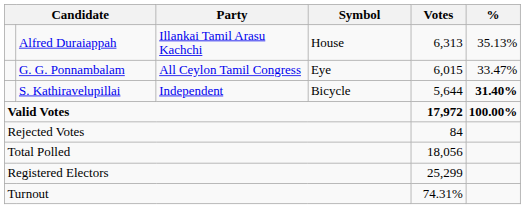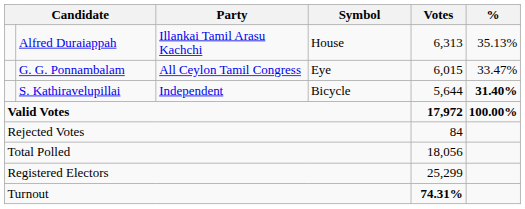 <table class="wikitable" border="1" style="text-align:right;">
 <tr>
 <th align=left colspan=2 width="180">Candidate</th>
 <th align=left width="180">Party</th>
 <th align=left width="120">Symbol</th>
 <th align=left width="60">Votes</th>
 <th align=left width="60">%</th>
 </tr>
 <tr>
 <td></td>
 <td align=left><a href='#'>Alfred Duraiappah</a></td>
 <td align=left><a href='#'>Illankai Tamil Arasu Kachchi</a></td>
 <td align=left>House</td>
 <td>6,313</td>
 <td>35.13%</td>
 </tr>
 <tr>
 <td bgcolor=> </td>
 <td align=left><a href='#'>G. G. Ponnambalam</a></td>
 <td align=left><a href='#'>All Ceylon Tamil Congress</a></td>
 <td align=left>Eye</td>
 <td>6,015</td>
 <td>33.47%</td>
 </tr>
 <tr>
 <td bgcolor=> </td>
 <td align=left><a href='#'>S. Kathiravelupillai</a></td>
 <td align=left><a href='#'>Independent</a></td>
 <td align=left>Bicycle</td>
 <td>5,644</td>
 <td><strong>31.40%</strong></td>
 </tr>
 <tr>
 <td align=left colspan=4><strong>Valid Votes</strong></td>
 <td><strong>17,972</strong></td>
 <td><strong>100.00%</strong></td>
 </tr>
 <tr>
 <td align=left colspan=4>Rejected Votes</td>
 <td>84</td>
 <td></td>
 </tr>
 <tr>
 <td align=left colspan=4>Total Polled</td>
 <td>18,056</td>
 <td></td>
 </tr>
 <tr>
 <td align=left colspan=4>Registered Electors</td>
 <td>25,299</td>
 <td></td>
 </tr>
 <tr>
 <td align=left colspan=4>Turnout</td>
-<td>74.31%</td>
+<td><strong>74.31%</strong></td>
 </tr>
 </table>
